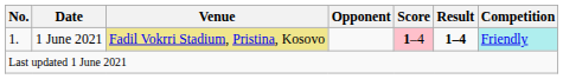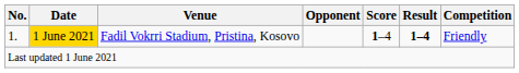 <table class="wikitable" style="font-size:85%;">
 <tr>
 <th>No.</th>
 <th>Date</th>
 <th>Venue</th>
 <th>Opponent</th>
 <th>Score</th>
 <th>Result</th>
 <th>Competition</th>
 </tr>
 <tr>
 <td>1.</td>
-<td>1 June 2021</td>
-<td style="background: khaki;"><a href='#'>Fadil Vokrri Stadium</a>, <a href='#'>Pristina</a>, Kosovo</td>
+<td style="background: gold;">1 June 2021</td>
+<td><a href='#'>Fadil Vokrri Stadium</a>, <a href='#'>Pristina</a>, Kosovo</td>
 <td></td>
-<td align=center style="background: pink;"><strong>1</strong>–4</td>
+<td align=center><strong>1</strong>–4</td>
 <td align=center><strong>1–4</strong></td>
-<td style="background: paleturquoise;"><a href='#'>Friendly</a></td>
+<td><a href='#'>Friendly</a></td>
 </tr>
 <tr>
 <td colspan="7"><small>Last updated 1 June 2021</small></td>
 </tr>
 </table>
